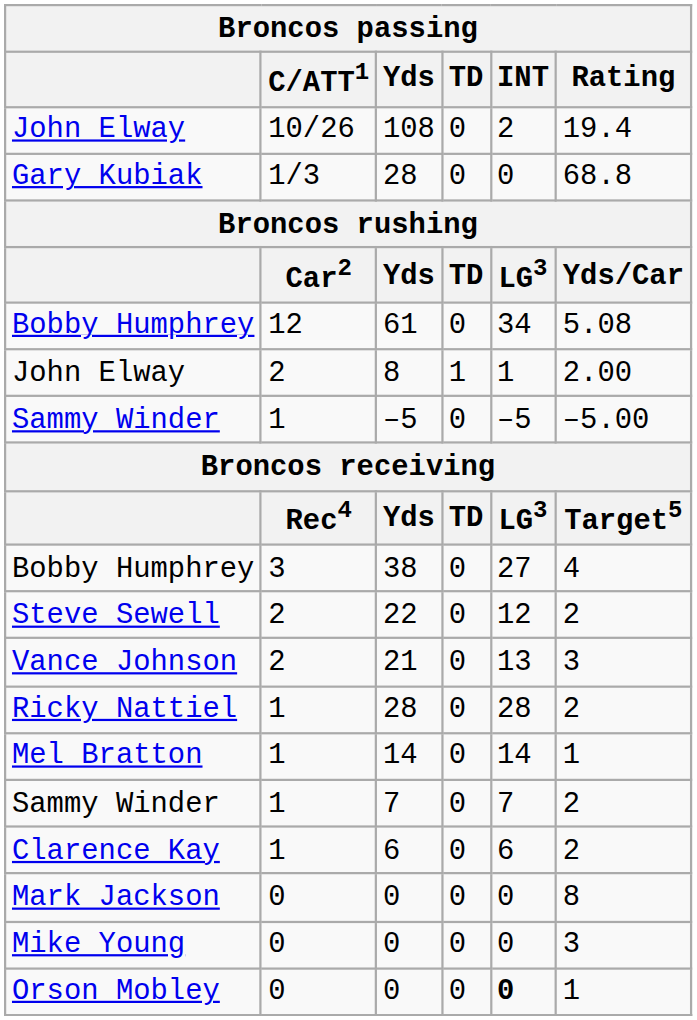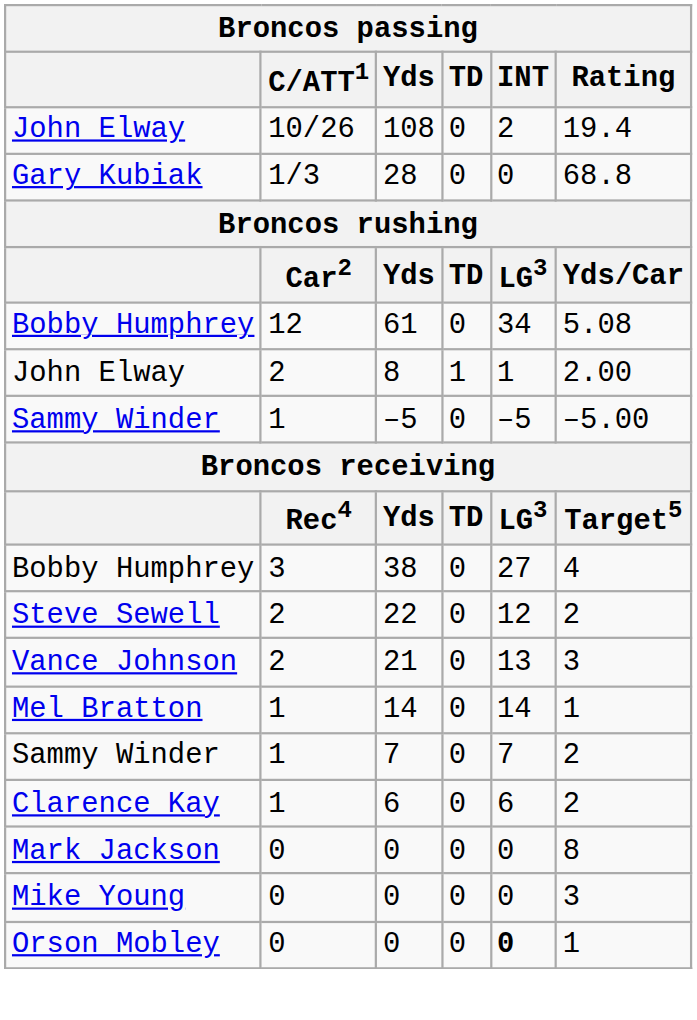 <table class="wikitable">
 <tr>
 <th colspan="6">Broncos passing</th>
 </tr>
 <tr>
 <th></th>
 <th>C/ATT<sup>1</sup></th>
 <th>Yds</th>
 <th>TD</th>
 <th>INT</th>
 <th>Rating</th>
 </tr>
 <tr>
 <td><a href='#'>John Elway</a></td>
 <td>10/26</td>
 <td>108</td>
 <td>0</td>
 <td>2</td>
 <td>19.4</td>
 </tr>
 <tr>
 <td><a href='#'>Gary Kubiak</a></td>
 <td>1/3</td>
 <td>28</td>
 <td>0</td>
 <td>0</td>
 <td>68.8</td>
 </tr>
 <tr>
 <th colspan="6">Broncos rushing</th>
 </tr>
 <tr>
 <th></th>
 <th>Car<sup>2</sup></th>
 <th>Yds</th>
 <th>TD</th>
 <th>LG<sup>3</sup></th>
 <th>Yds/Car</th>
 </tr>
 <tr>
 <td><a href='#'>Bobby Humphrey</a></td>
 <td>12</td>
 <td>61</td>
 <td>0</td>
 <td>34</td>
 <td>5.08</td>
 </tr>
 <tr>
 <td>John Elway</td>
 <td>2</td>
 <td>8</td>
 <td>1</td>
 <td>1</td>
 <td>2.00</td>
 </tr>
 <tr>
 <td><a href='#'>Sammy Winder</a></td>
 <td>1</td>
 <td>–5</td>
 <td>0</td>
 <td>–5</td>
 <td>–5.00</td>
 </tr>
 <tr>
 <th colspan="6">Broncos receiving</th>
 </tr>
 <tr>
 <th></th>
 <th>Rec<sup>4</sup></th>
 <th>Yds</th>
 <th>TD</th>
 <th>LG<sup>3</sup></th>
 <th>Target<sup>5</sup></th>
 </tr>
 <tr>
 <td>Bobby Humphrey</td>
 <td>3</td>
 <td>38</td>
 <td>0</td>
 <td>27</td>
 <td>4</td>
 </tr>
 <tr>
 <td><a href='#'>Steve Sewell</a></td>
 <td>2</td>
 <td>22</td>
 <td>0</td>
 <td>12</td>
 <td>2</td>
 </tr>
 <tr>
 <td><a href='#'>Vance Johnson</a></td>
 <td>2</td>
 <td>21</td>
 <td>0</td>
 <td>13</td>
 <td>3</td>
 </tr>
 <tr>
-<td><a href='#'>Ricky Nattiel</a></td>
-<td>1</td>
-<td>28</td>
-<td>0</td>
-<td>28</td>
-<td>2</td>
-</tr>
-<tr>
 <td><a href='#'>Mel Bratton</a></td>
 <td>1</td>
 <td>14</td>
 <td>0</td>
 <td>14</td>
 <td>1</td>
 </tr>
 <tr>
 <td>Sammy Winder</td>
 <td>1</td>
 <td>7</td>
 <td>0</td>
 <td>7</td>
 <td>2</td>
 </tr>
 <tr>
 <td><a href='#'>Clarence Kay</a></td>
 <td>1</td>
 <td>6</td>
 <td>0</td>
 <td>6</td>
 <td>2</td>
 </tr>
 <tr>
 <td><a href='#'>Mark Jackson</a></td>
 <td>0</td>
 <td>0</td>
 <td>0</td>
 <td>0</td>
 <td>8</td>
 </tr>
 <tr>
 <td><a href='#'>Mike Young</a></td>
 <td>0</td>
 <td>0</td>
 <td>0</td>
 <td>0</td>
 <td>3</td>
 </tr>
 <tr>
 <td><a href='#'>Orson Mobley</a></td>
 <td>0</td>
 <td>0</td>
 <td>0</td>
 <td><strong>0</strong></td>
 <td>1</td>
 </tr>
 <tr>
 </tr>
 </table>
